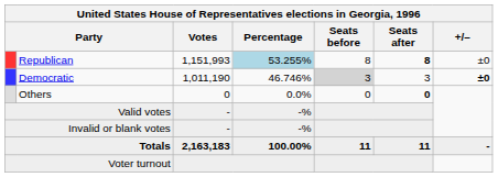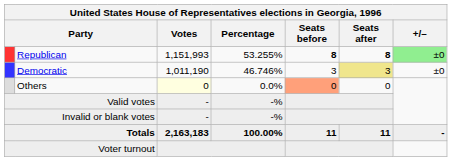 <table class="wikitable" style="font-size: 95%;">
 <tr>
 <th colspan="7">United States House of Representatives elections in Georgia, 1996</th>
 </tr>
 <tr>
 <th colspan=2 style="width: 15em">Party</th>
 <th style="width: 5em">Votes</th>
 <th style="width: 7em">Percentage</th>
 <th style="width: 5em">Seats before</th>
 <th style="width: 5em">Seats after</th>
 <th style="width: 5em">+/–</th>
 </tr>
 <tr>
 <th style="background-color:#FF3333; width: 3px"></th>
 <td style="width: 130px"><a href='#'>Republican</a></td>
 <td align="right">1,151,993</td>
-<td align="right" style="background: lightblue;">53.255%</td>
-<td align="right">8</td>
+<td align="right">53.255%</td>
 <td align="right"><strong>8</strong></td>
-<td align="right">±0</td>
+<td align="right"><strong>8</strong></td>
+<td align="right" style="background: lightgreen;">±0</td>
 </tr>
 <tr>
 <th style="background-color:#3333FF; width: 3px"></th>
 <td style="width: 130px"><a href='#'>Democratic</a></td>
 <td align="right">1,011,190</td>
 <td align="right">46.746%</td>
-<td align="right" style="background: lightgrey;">3</td>
 <td align="right">3</td>
-<td align="right"><strong>±0</strong></td>
+<td align="right" style="background: khaki;">3</td>
+<td align="right">±0</td>
 </tr>
 <tr>
 <th style="background-color:#DDDDDD; width: 3px"></th>
 <td style="width: 130px">Others</td>
+<td align="right" style="background: lightyellow;">0</td>
+<td align="right">0.0%</td>
+<td align="right" style="background: lightsalmon;">0</td>
 <td align="right">0</td>
-<td align="right">0.0%</td>
-<td align="right">0</td>
-<td align="right"><strong>0</strong></td>
 </tr>
 <tr bgcolor="#EEEEEE">
 <td colspan="2" align="right">Valid votes</td>
 <td align="right">-</td>
 <td align="right">-%</td>
 <td colspan="2" align="right"></td>
 </tr>
 <tr bgcolor="#EEEEEE">
 <td colspan="2" align="right">Invalid or blank votes</td>
 <td align="right">-</td>
 <td align="right">-%</td>
 <td colspan="2" align="right"></td>
 </tr>
 <tr bgcolor="#EEEEEE">
 <td colspan="2" align="right"><strong>Totals</strong></td>
 <td align="right"><strong>2,163,183</strong></td>
 <td align="right"><strong>100.00%</strong></td>
 <td align="right"><strong>11</strong></td>
 <td align="right"><strong>11</strong></td>
 <td align="right"><strong>-</strong></td>
 </tr>
 <tr bgcolor="#EEEEEE">
 <td colspan="2" align="right">Voter turnout</td>
 <td colspan="2" align="right"></td>
 <td colspan="2" align="right"></td>
 </tr>
 </table>
